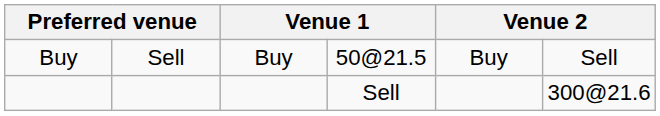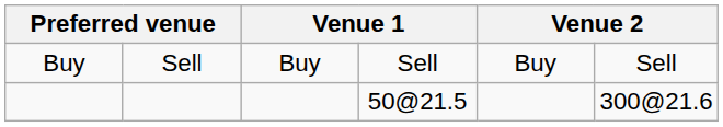 <table class="wikitable" style="text-align:center">
 <tr>
 <th colspan="2">Preferred venue</th>
 <th colspan="2">Venue 1</th>
 <th colspan="2">Venue 2</th>
 </tr>
 <tr>
 <td>Buy</td>
 <td>Sell</td>
 <td>Buy</td>
-<td style="width:70px">50@21.5</td>
+<td>Sell</td>
 <td>Buy</td>
 <td>Sell</td>
 </tr>
 <tr>
 <td style="width:70px"></td>
 <td style="width:70px"></td>
 <td style="width:70px"></td>
-<td>Sell</td>
+<td style="width:70px">50@21.5</td>
 <td style="width:70px"></td>
 <td style="width:70px">300@21.6</td>
 </tr>
 </table>
